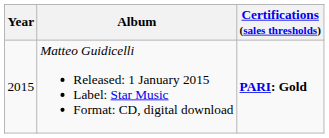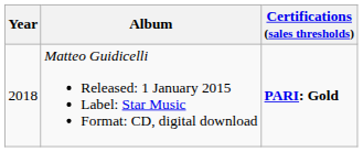 <table class="wikitable">
 <tr>
 <th>Year</th>
 <th>Album</th>
 <th><a href='#'>Certifications</a><br><small>(<a href='#'>sales thresholds</a>)</small></th>
 </tr>
 <tr>
-<td>2015</td>
+<td>2018</td>
 <td><em>Matteo Guidicelli</em><br><ul><li>Released: 1 January 2015</li><li>Label: <a href='#'>Star Music</a></li><li>Format: CD, digital download</li></ul></td>
 <td><strong><a href='#'>PARI</a>: Gold</strong></td>
 </tr>
 </table>
